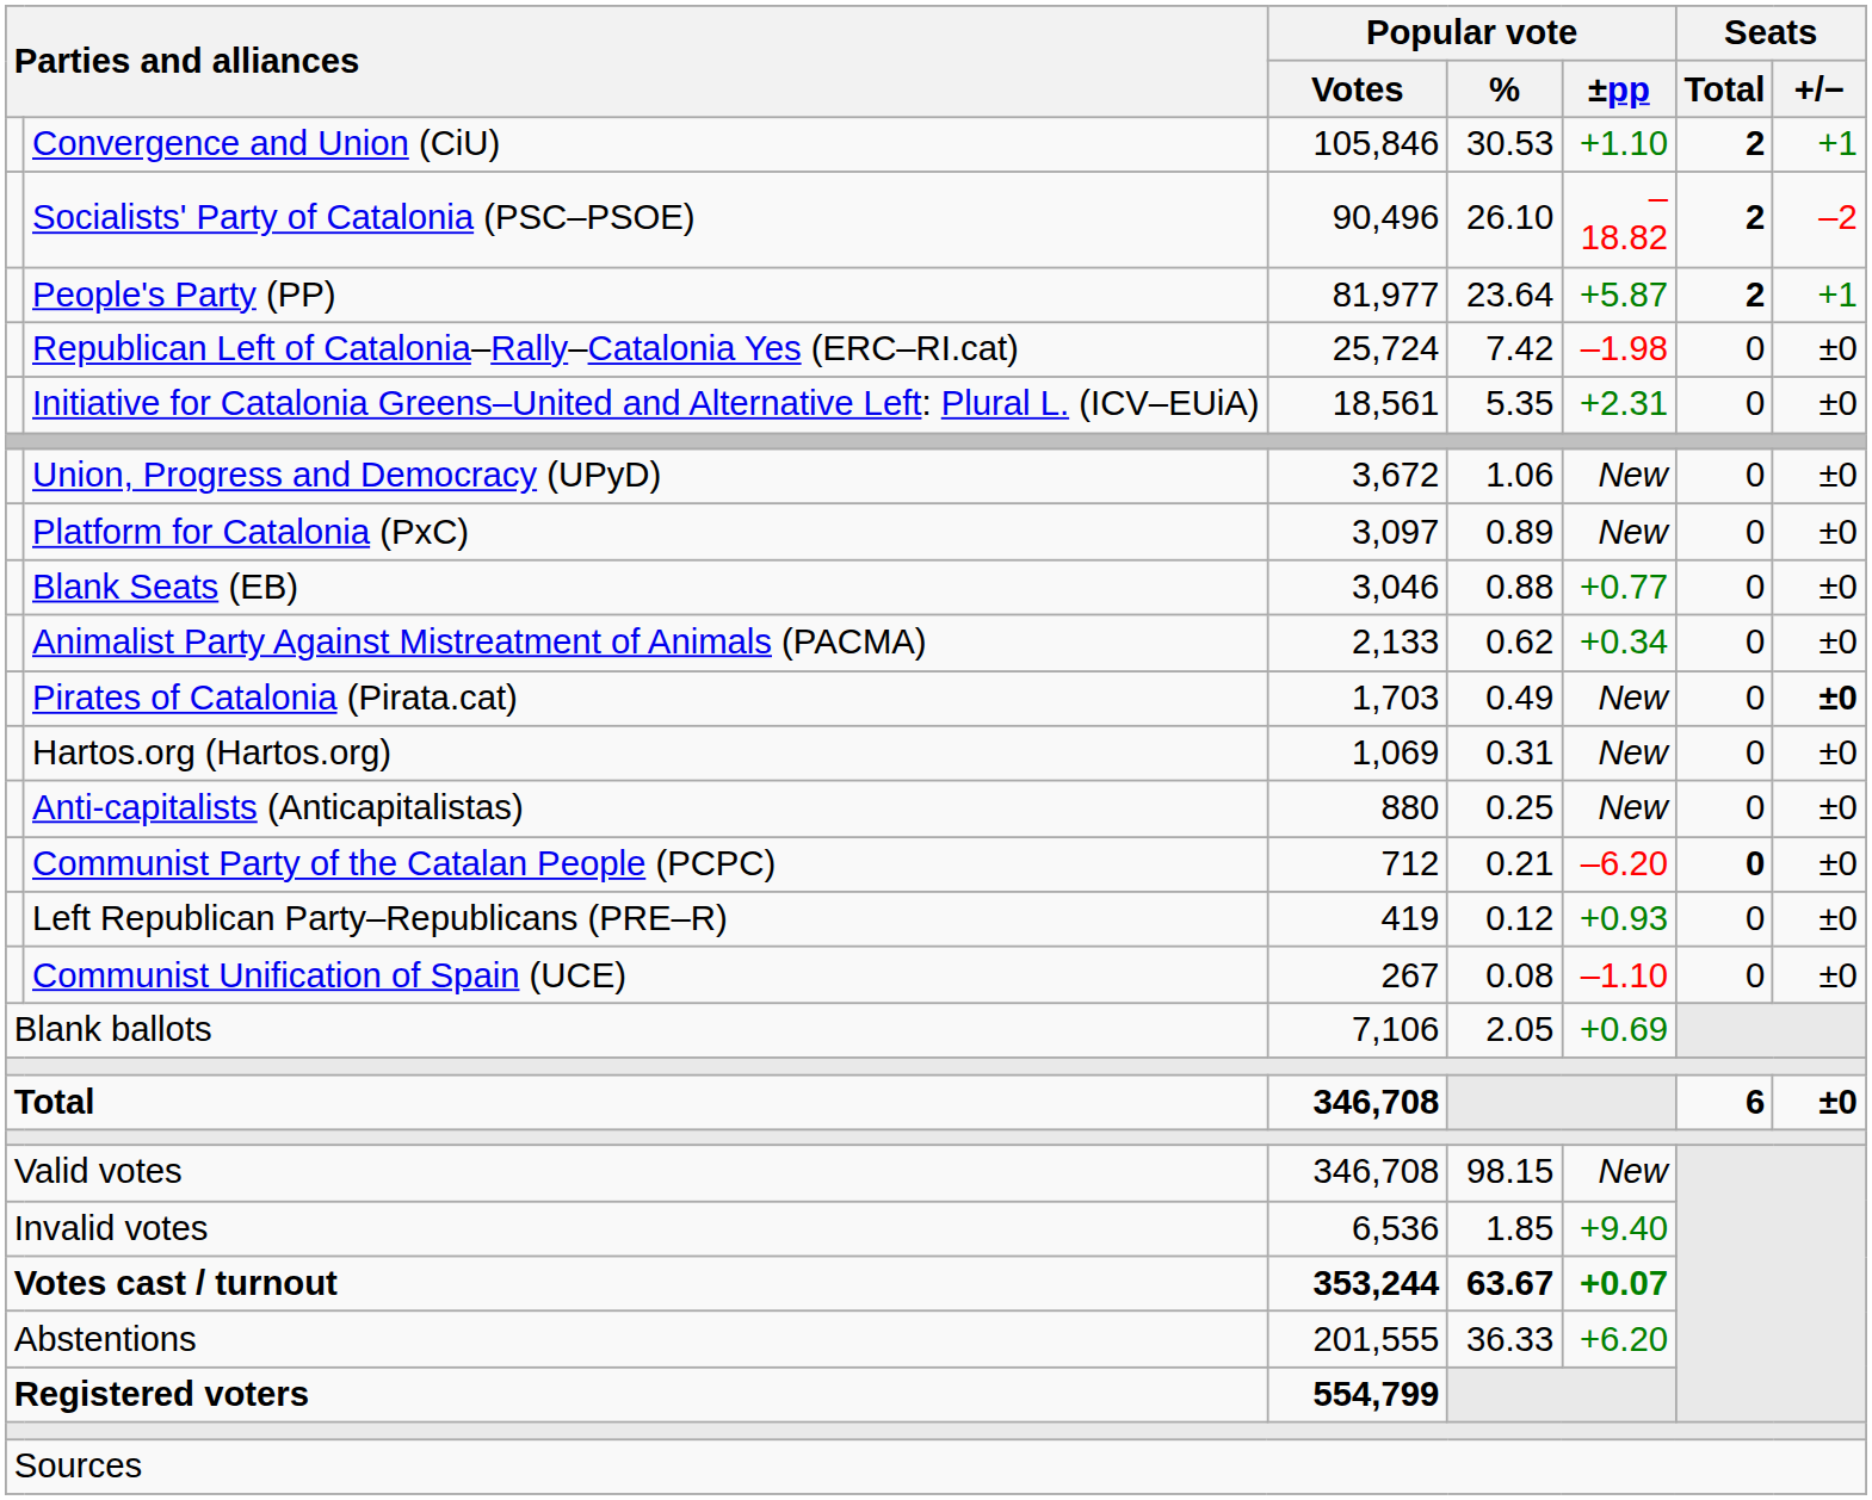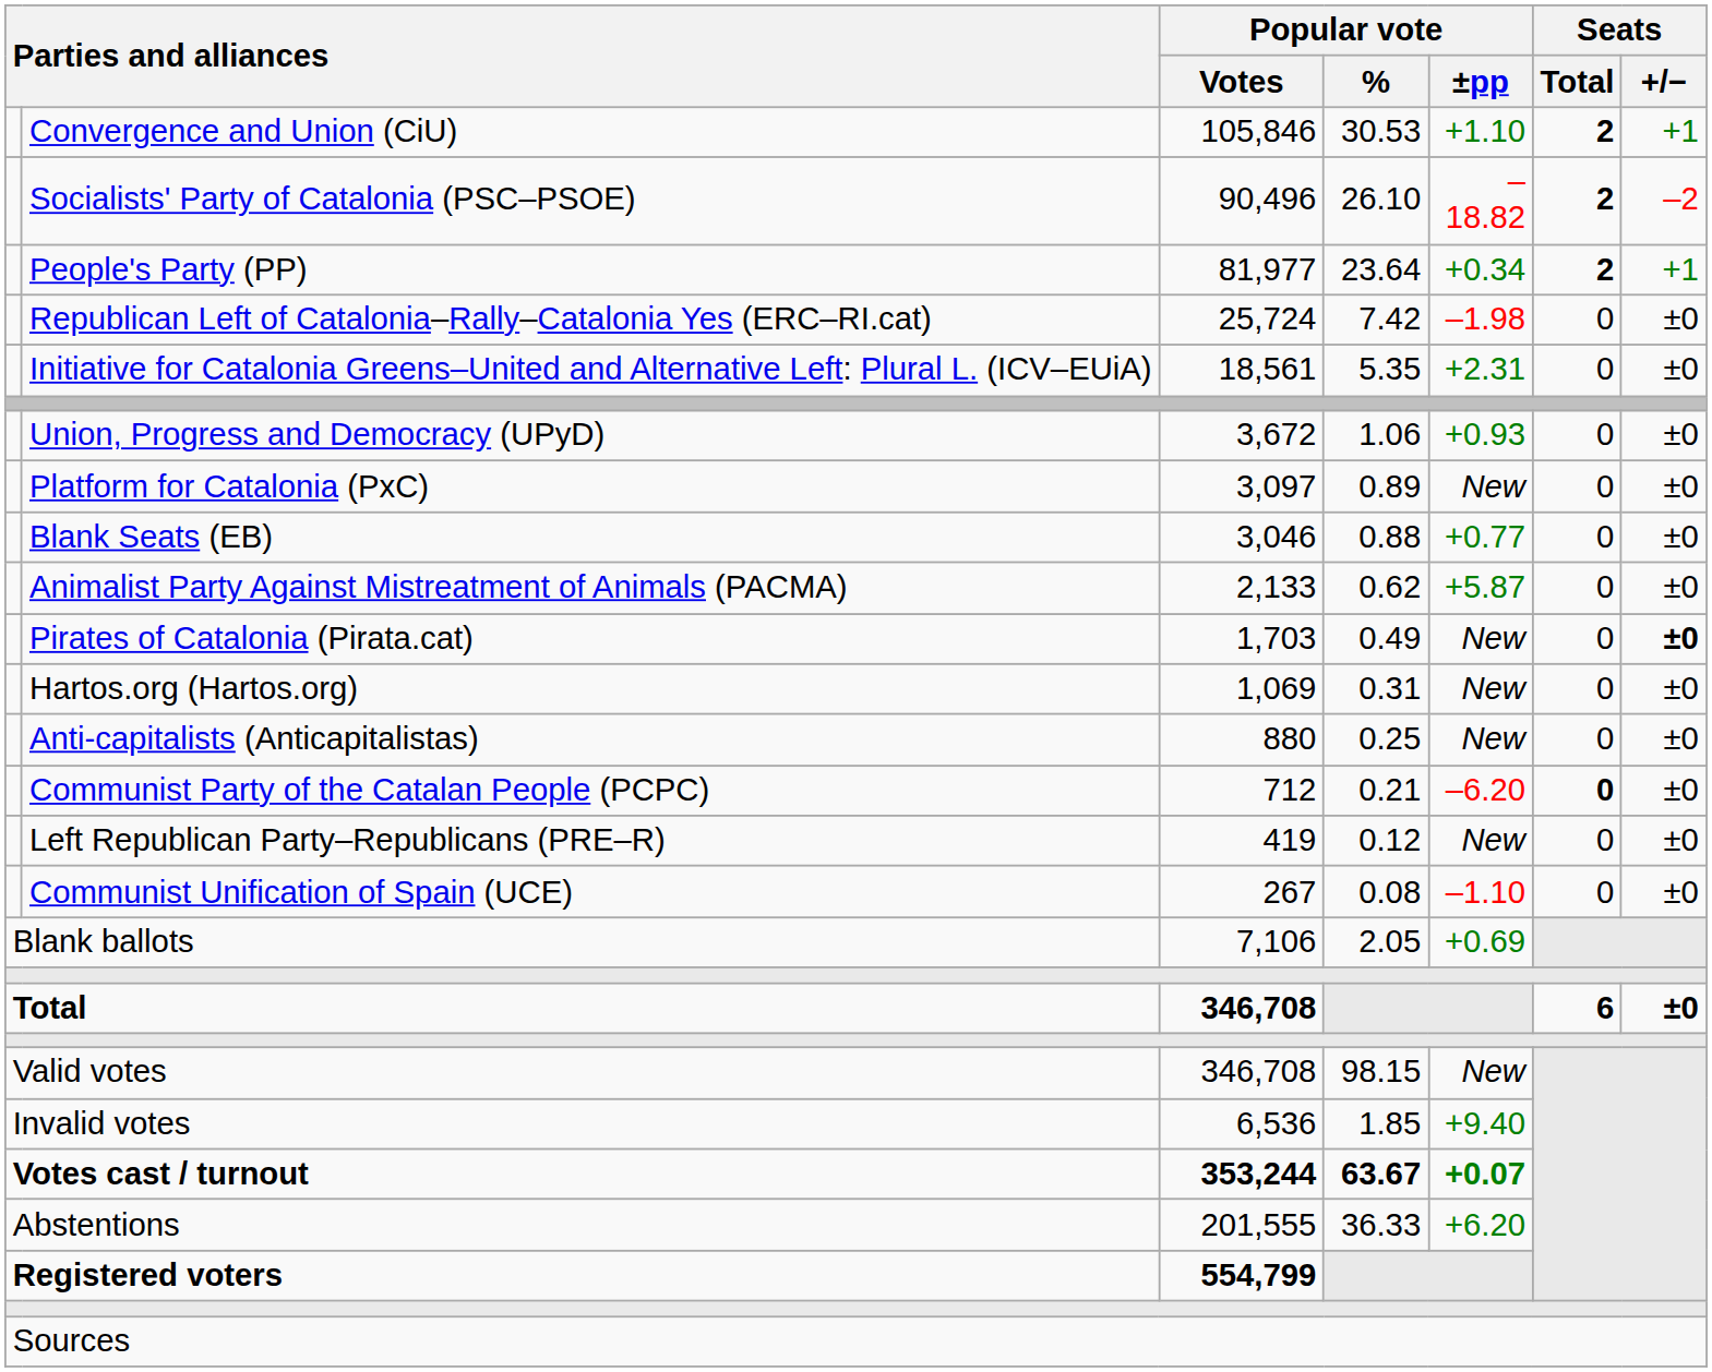 <table class="wikitable" style="text-align:right;">
 <tr>
 <th style="text-align:left;" rowspan="2" colspan="2" width="525">Parties and alliances</th>
 <th colspan="3">Popular vote</th>
 <th colspan="2">Seats</th>
 </tr>
 <tr>
 <th width="75">Votes</th>
 <th width="45">%</th>
 <th width="45">±<a href='#'>pp</a></th>
 <th width="35">Total</th>
 <th width="35">+/−</th>
 </tr>
 <tr>
 <td width="1" style="color:inherit;background:"></td>
 <td align="left"><a href='#'>Convergence and Union</a> (CiU)</td>
 <td>105,846</td>
 <td>30.53</td>
 <td style="color:green;">+1.10</td>
 <td><strong>2</strong></td>
 <td style="color:green;">+1</td>
 </tr>
 <tr>
 <td style="color:inherit;background:"></td>
 <td align="left"><a href='#'>Socialists' Party of Catalonia</a> (PSC–PSOE)</td>
 <td>90,496</td>
 <td>26.10</td>
 <td style="color:red;">–18.82</td>
 <td><strong>2</strong></td>
 <td style="color:red;">–2</td>
 </tr>
 <tr>
 <td style="color:inherit;background:"></td>
 <td align="left"><a href='#'>People's Party</a> (PP)</td>
 <td>81,977</td>
 <td>23.64</td>
-<td style="color:green;">+5.87</td>
+<td style="color:green;">+0.34</td>
 <td><strong>2</strong></td>
 <td style="color:green;">+1</td>
 </tr>
 <tr>
 <td style="color:inherit;background:"></td>
 <td align="left"><a href='#'>Republican Left of Catalonia</a>–<a href='#'>Rally</a>–<a href='#'>Catalonia Yes</a> (ERC–RI.cat)</td>
 <td>25,724</td>
 <td>7.42</td>
 <td style="color:red;">–1.98</td>
 <td>0</td>
 <td>±0</td>
 </tr>
 <tr>
 <td style="color:inherit;background:"></td>
 <td align="left"><a href='#'>Initiative for Catalonia Greens–United and Alternative Left</a>: <a href='#'>Plural L.</a> (ICV–EUiA)</td>
 <td>18,561</td>
 <td>5.35</td>
 <td style="color:green;">+2.31</td>
 <td>0</td>
 <td>±0</td>
 </tr>
 <tr>
 <td colspan="7" bgcolor="#C0C0C0"></td>
 </tr>
 <tr>
 <td style="color:inherit;background:"></td>
 <td align="left"><a href='#'>Union, Progress and Democracy</a> (UPyD)</td>
 <td>3,672</td>
 <td>1.06</td>
-<td><em>New</em></td>
+<td style="color:green;">+0.93</td>
 <td>0</td>
 <td>±0</td>
 </tr>
 <tr>
 <td style="color:inherit;background:"></td>
 <td align="left"><a href='#'>Platform for Catalonia</a> (PxC)</td>
 <td>3,097</td>
 <td>0.89</td>
 <td><em>New</em></td>
 <td>0</td>
 <td>±0</td>
 </tr>
 <tr>
 <td style="color:inherit;background:"></td>
 <td align="left"><a href='#'>Blank Seats</a> (EB)</td>
 <td>3,046</td>
 <td>0.88</td>
 <td style="color:green;">+0.77</td>
 <td>0</td>
 <td>±0</td>
 </tr>
 <tr>
 <td style="color:inherit;background:"></td>
 <td align="left"><a href='#'>Animalist Party Against Mistreatment of Animals</a> (PACMA)</td>
 <td>2,133</td>
 <td>0.62</td>
-<td style="color:green;">+0.34</td>
+<td style="color:green;">+5.87</td>
 <td>0</td>
 <td>±0</td>
 </tr>
 <tr>
 <td style="color:inherit;background:"></td>
 <td align="left"><a href='#'>Pirates of Catalonia</a> (Pirata.cat)</td>
 <td>1,703</td>
 <td>0.49</td>
 <td><em>New</em></td>
 <td>0</td>
 <td><strong>±0</strong></td>
 </tr>
 <tr>
 <td style="color:inherit;background:"></td>
 <td align="left">Hartos.org (Hartos.org)</td>
 <td>1,069</td>
 <td>0.31</td>
 <td><em>New</em></td>
 <td>0</td>
 <td>±0</td>
 </tr>
 <tr>
 <td style="color:inherit;background:"></td>
 <td align="left"><a href='#'>Anti-capitalists</a> (Anticapitalistas)</td>
 <td>880</td>
 <td>0.25</td>
 <td><em>New</em></td>
 <td>0</td>
 <td>±0</td>
 </tr>
 <tr>
 <td style="color:inherit;background:"></td>
 <td align="left"><a href='#'>Communist Party of the Catalan People</a> (PCPC)</td>
 <td>712</td>
 <td>0.21</td>
 <td style="color:red;">–6.20</td>
 <td><strong>0</strong></td>
 <td>±0</td>
 </tr>
 <tr>
 <td style="color:inherit;background:"></td>
 <td align="left">Left Republican Party–Republicans (PRE–R)</td>
 <td>419</td>
 <td>0.12</td>
-<td style="color:green;">+0.93</td>
+<td><em>New</em></td>
 <td>0</td>
 <td>±0</td>
 </tr>
 <tr>
 <td style="color:inherit;background:"></td>
 <td align="left"><a href='#'>Communist Unification of Spain</a> (UCE)</td>
 <td>267</td>
 <td>0.08</td>
 <td style="color:red;">–1.10</td>
 <td>0</td>
 <td>±0</td>
 </tr>
 <tr>
 <td align="left" colspan="2">Blank ballots</td>
 <td>7,106</td>
 <td>2.05</td>
 <td style="color:green;">+0.69</td>
 <td bgcolor="#E9E9E9" colspan="2"></td>
 </tr>
 <tr>
 <td colspan="7" bgcolor="#E9E9E9"></td>
 </tr>
 <tr style="font-weight:bold;">
 <td align="left" colspan="2">Total</td>
 <td>346,708</td>
 <td bgcolor="#E9E9E9" colspan="2"></td>
 <td>6</td>
 <td>±0</td>
 </tr>
 <tr>
 <td colspan="7" bgcolor="#E9E9E9"></td>
 </tr>
 <tr>
 <td align="left" colspan="2">Valid votes</td>
 <td>346,708</td>
 <td>98.15</td>
 <td><em>New</em></td>
 <td bgcolor="#E9E9E9" colspan="2" rowspan="5"></td>
 </tr>
 <tr>
 <td align="left" colspan="2">Invalid votes</td>
 <td>6,536</td>
 <td>1.85</td>
 <td style="color:green;">+9.40</td>
 </tr>
 <tr style="font-weight:bold;">
 <td align="left" colspan="2">Votes cast / turnout</td>
 <td>353,244</td>
 <td>63.67</td>
 <td style="color:green;">+0.07</td>
 </tr>
 <tr>
 <td align="left" colspan="2">Abstentions</td>
 <td>201,555</td>
 <td>36.33</td>
 <td style="color:green;">+6.20</td>
 </tr>
 <tr style="font-weight:bold;">
 <td align="left" colspan="2">Registered voters</td>
 <td>554,799</td>
 <td bgcolor="#E9E9E9" colspan="2"></td>
 </tr>
 <tr>
 <td colspan="7" bgcolor="#E9E9E9"></td>
 </tr>
 <tr>
 <td align="left" colspan="7">Sources</td>
 </tr>
 </table>
